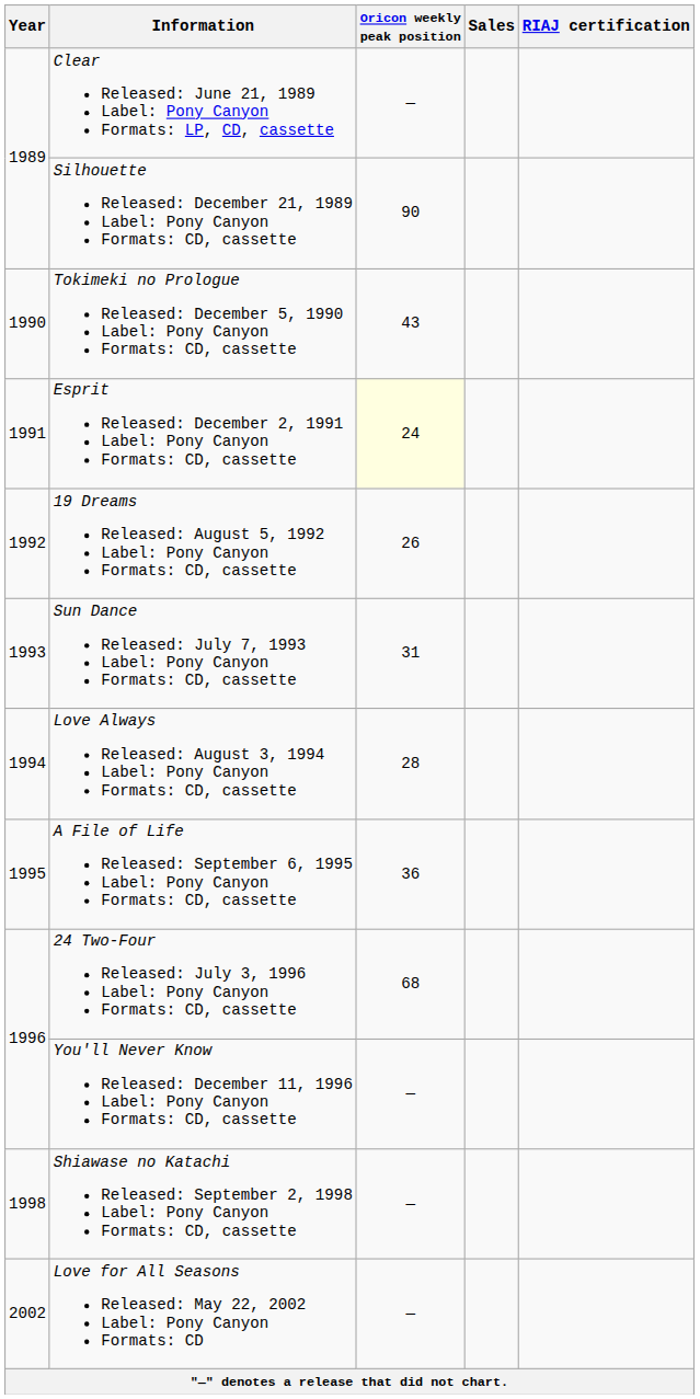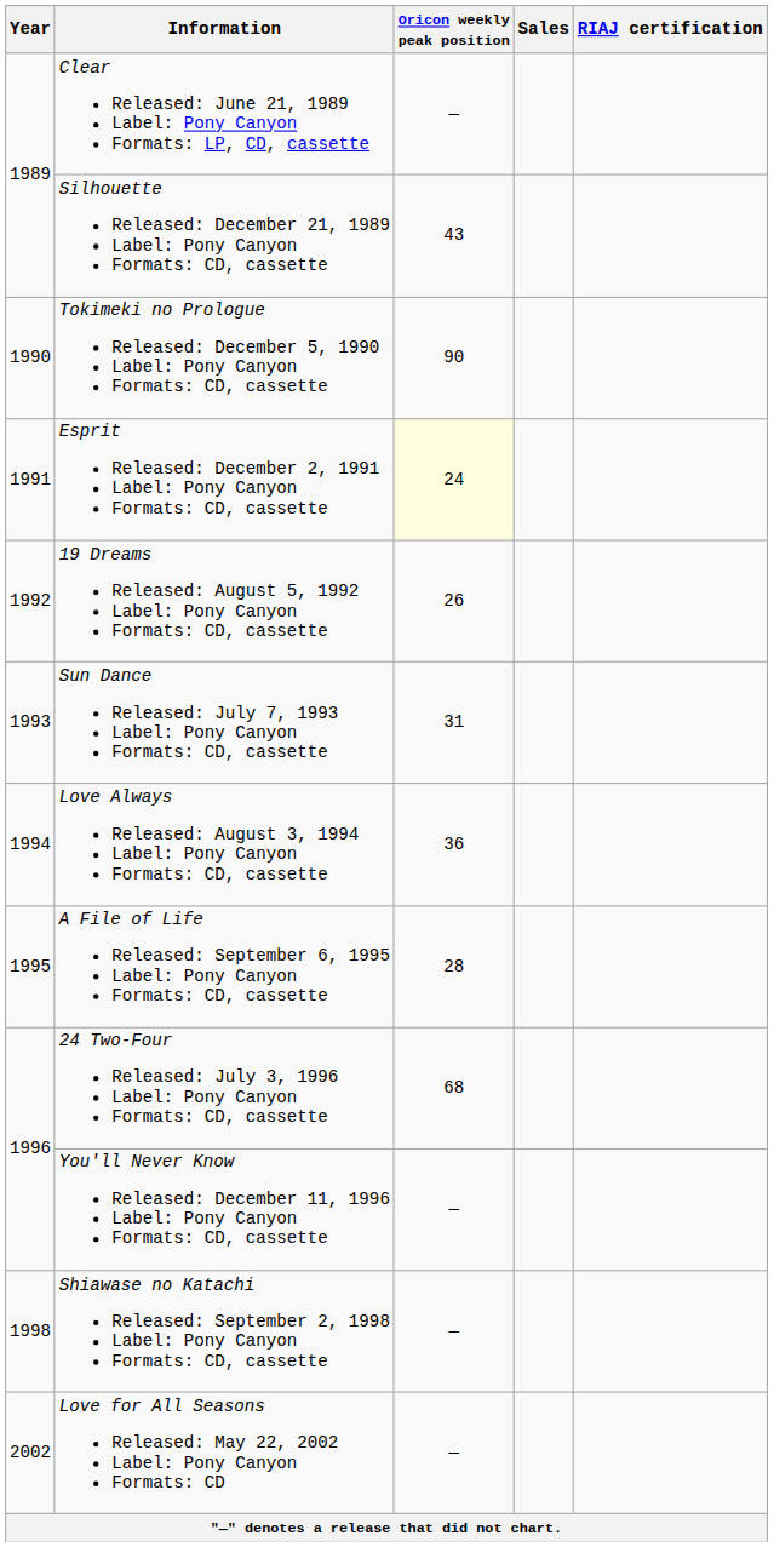 <table class="wikitable">
 <tr>
 <th>Year</th>
 <th>Information</th>
 <th><small><a href='#'>Oricon</a> weekly<br>peak position</small></th>
 <th>Sales<br></th>
 <th><a href='#'>RIAJ</a> certification</th>
 </tr>
 <tr>
 <td rowspan="2">1989</td>
 <td><em>Clear</em><br><ul><li>Released: June 21, 1989</li><li>Label: <a href='#'>Pony Canyon</a></li><li>Formats: <a href='#'>LP</a>, <a href='#'>CD</a>, <a href='#'>cassette</a></li></ul></td>
 <td style="text-align:center;">—</td>
 <td align="left"></td>
 <td align="left"></td>
 </tr>
 <tr>
 <td><em>Silhouette</em><br><ul><li>Released: December 21, 1989</li><li>Label: Pony Canyon</li><li>Formats: CD, cassette</li></ul></td>
-<td style="text-align:center;">90</td>
+<td style="text-align:center;">43</td>
 <td align="left"></td>
 <td align="left"></td>
 </tr>
 <tr>
 <td>1990</td>
 <td><em>Tokimeki no Prologue</em><br><ul><li>Released: December 5, 1990</li><li>Label: Pony Canyon</li><li>Formats: CD, cassette</li></ul></td>
-<td style="text-align:center;">43</td>
+<td style="text-align:center;">90</td>
 <td align="left"></td>
 <td align="left"></td>
 </tr>
 <tr>
 <td>1991</td>
 <td><em>Esprit</em><br><ul><li>Released: December 2, 1991</li><li>Label: Pony Canyon</li><li>Formats: CD, cassette</li></ul></td>
 <td style="background: lightyellow; text-align:center;">24</td>
 <td align="left"></td>
 <td align="left"></td>
 </tr>
 <tr>
 <td>1992</td>
 <td><em>19 Dreams</em><br><ul><li>Released: August 5, 1992</li><li>Label: Pony Canyon</li><li>Formats: CD, cassette</li></ul></td>
 <td style="text-align:center;">26</td>
 <td align="left"></td>
 <td align="left"></td>
 </tr>
 <tr>
 <td>1993</td>
 <td><em>Sun Dance</em><br><ul><li>Released: July 7, 1993</li><li>Label: Pony Canyon</li><li>Formats: CD, cassette</li></ul></td>
 <td style="text-align:center;">31</td>
 <td align="left"></td>
 <td align="left"></td>
 </tr>
 <tr>
 <td>1994</td>
 <td><em>Love Always</em><br><ul><li>Released: August 3, 1994</li><li>Label: Pony Canyon</li><li>Formats: CD, cassette</li></ul></td>
-<td style="text-align:center;">28</td>
+<td style="text-align:center;">36</td>
 <td align="left"></td>
 <td align="left"></td>
 </tr>
 <tr>
 <td>1995</td>
 <td><em>A File of Life</em><br><ul><li>Released: September 6, 1995</li><li>Label: Pony Canyon</li><li>Formats: CD, cassette</li></ul></td>
-<td style="text-align:center;">36</td>
+<td style="text-align:center;">28</td>
 <td align="left"></td>
 <td align="left"></td>
 </tr>
 <tr>
 <td rowspan="2">1996</td>
 <td><em>24 Two-Four</em><br><ul><li>Released: July 3, 1996</li><li>Label: Pony Canyon</li><li>Formats: CD, cassette</li></ul></td>
 <td style="text-align:center;">68</td>
 <td align="left"></td>
 <td align="left"></td>
 </tr>
 <tr>
 <td><em>You'll Never Know</em><br><ul><li>Released: December 11, 1996</li><li>Label: Pony Canyon</li><li>Formats: CD, cassette</li></ul></td>
 <td style="text-align:center;">—</td>
 <td align="left"></td>
 <td align="left"></td>
 </tr>
 <tr>
 <td>1998</td>
 <td><em>Shiawase no Katachi</em><br><ul><li>Released: September 2, 1998</li><li>Label: Pony Canyon</li><li>Formats: CD, cassette</li></ul></td>
 <td style="text-align:center;">—</td>
 <td align="left"></td>
 <td align="left"></td>
 </tr>
 <tr>
 <td>2002</td>
 <td><em>Love for All Seasons</em><br><ul><li>Released: May 22, 2002</li><li>Label: Pony Canyon</li><li>Formats: CD</li></ul></td>
 <td style="text-align:center;">—</td>
 <td align="left"></td>
 <td align="left"></td>
 </tr>
 <tr>
 <th colspan="5"><small>"—" denotes a release that did not chart.</small></th>
 </tr>
 </table>
